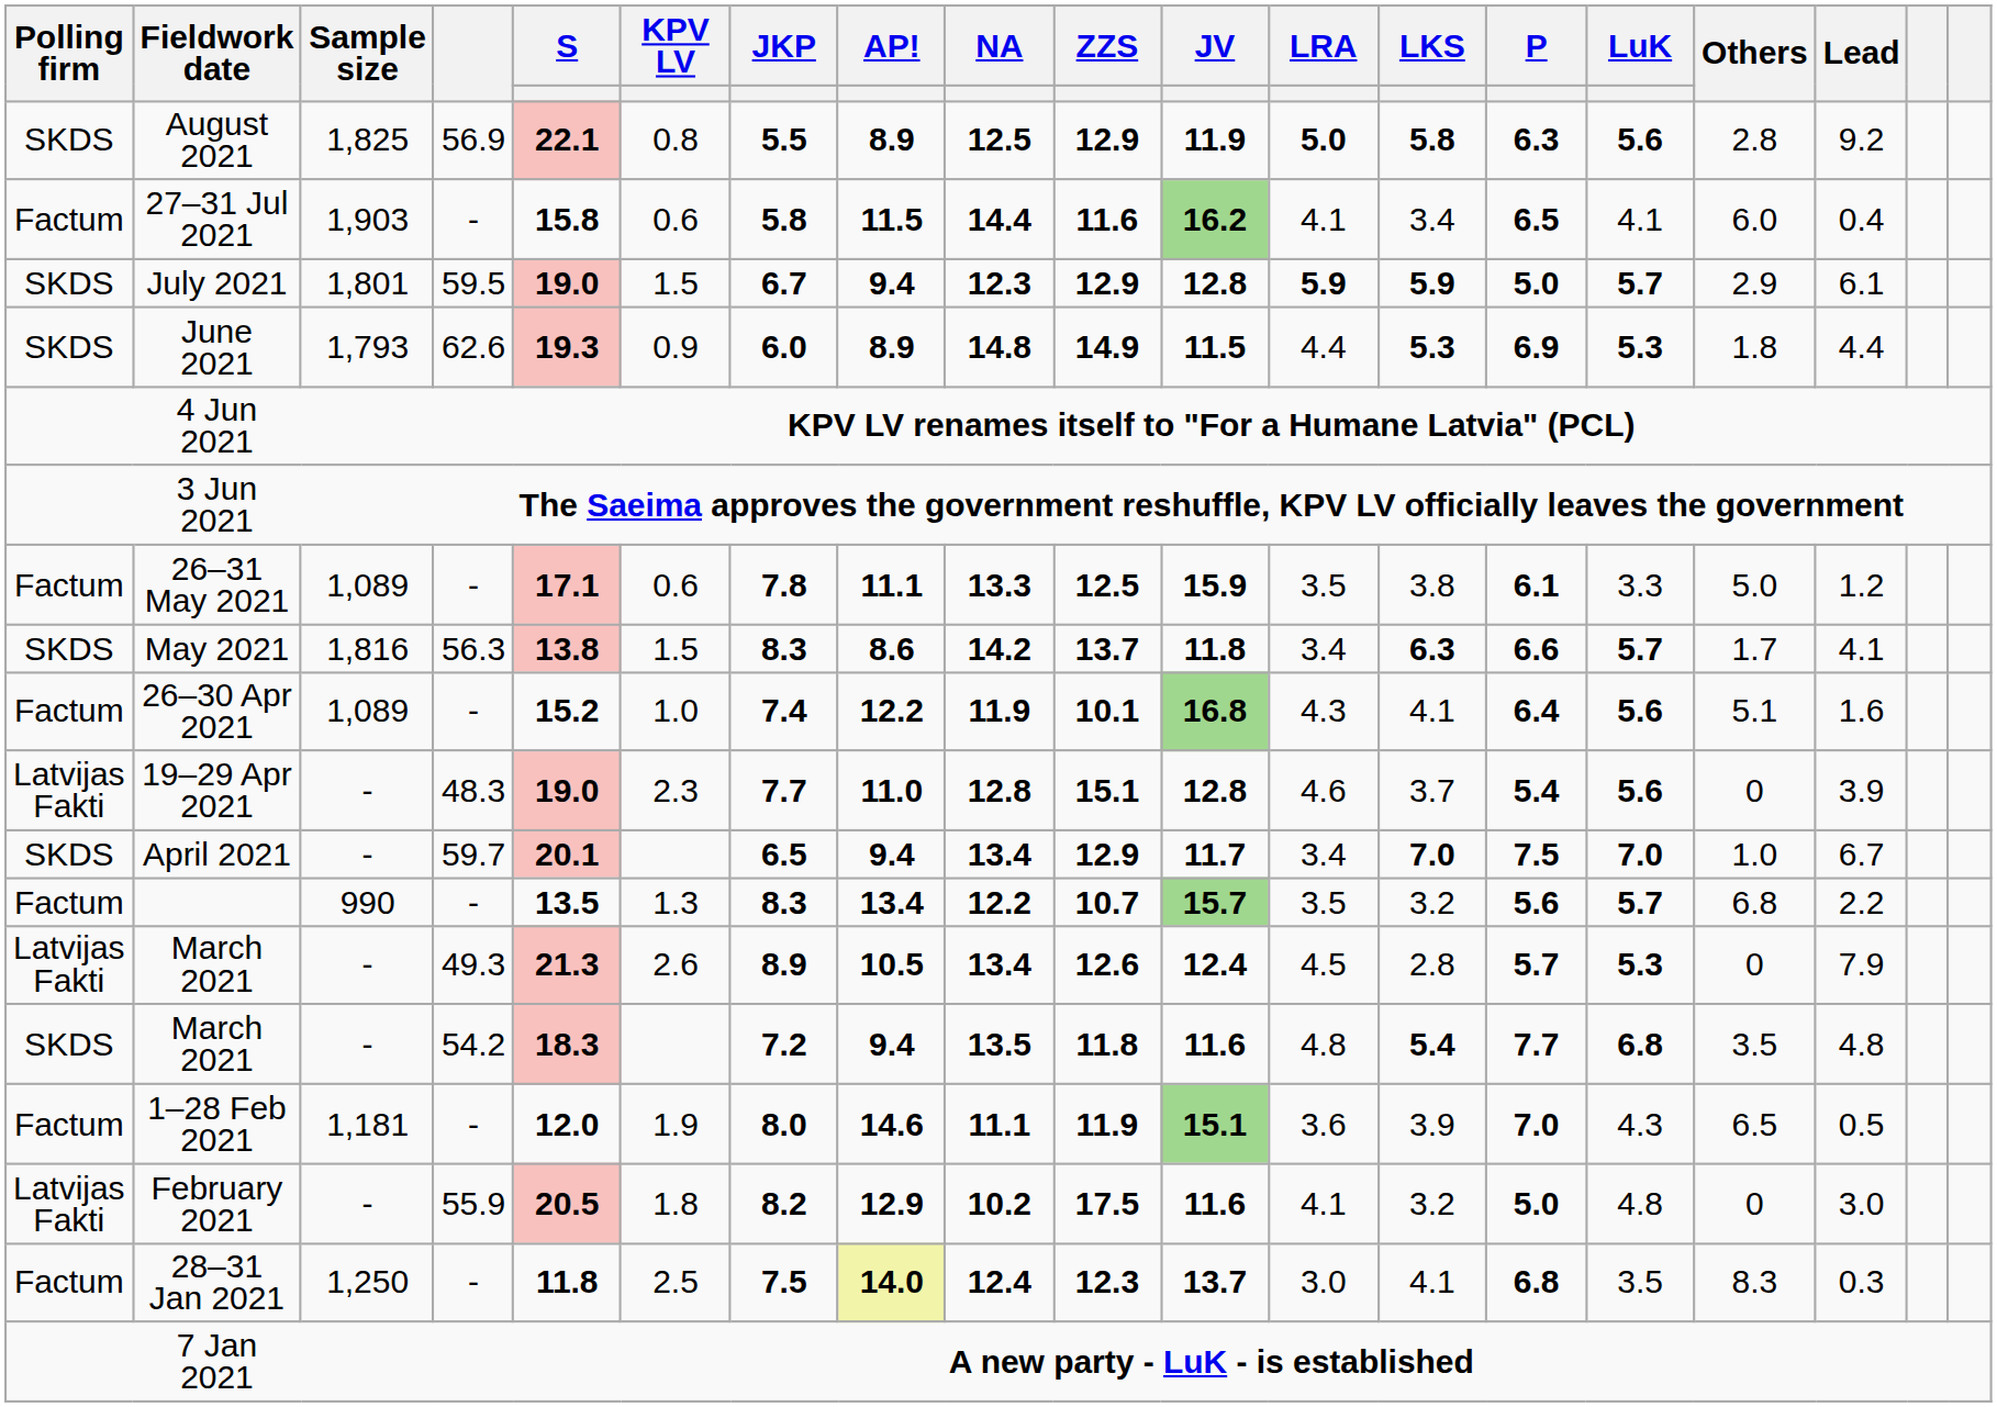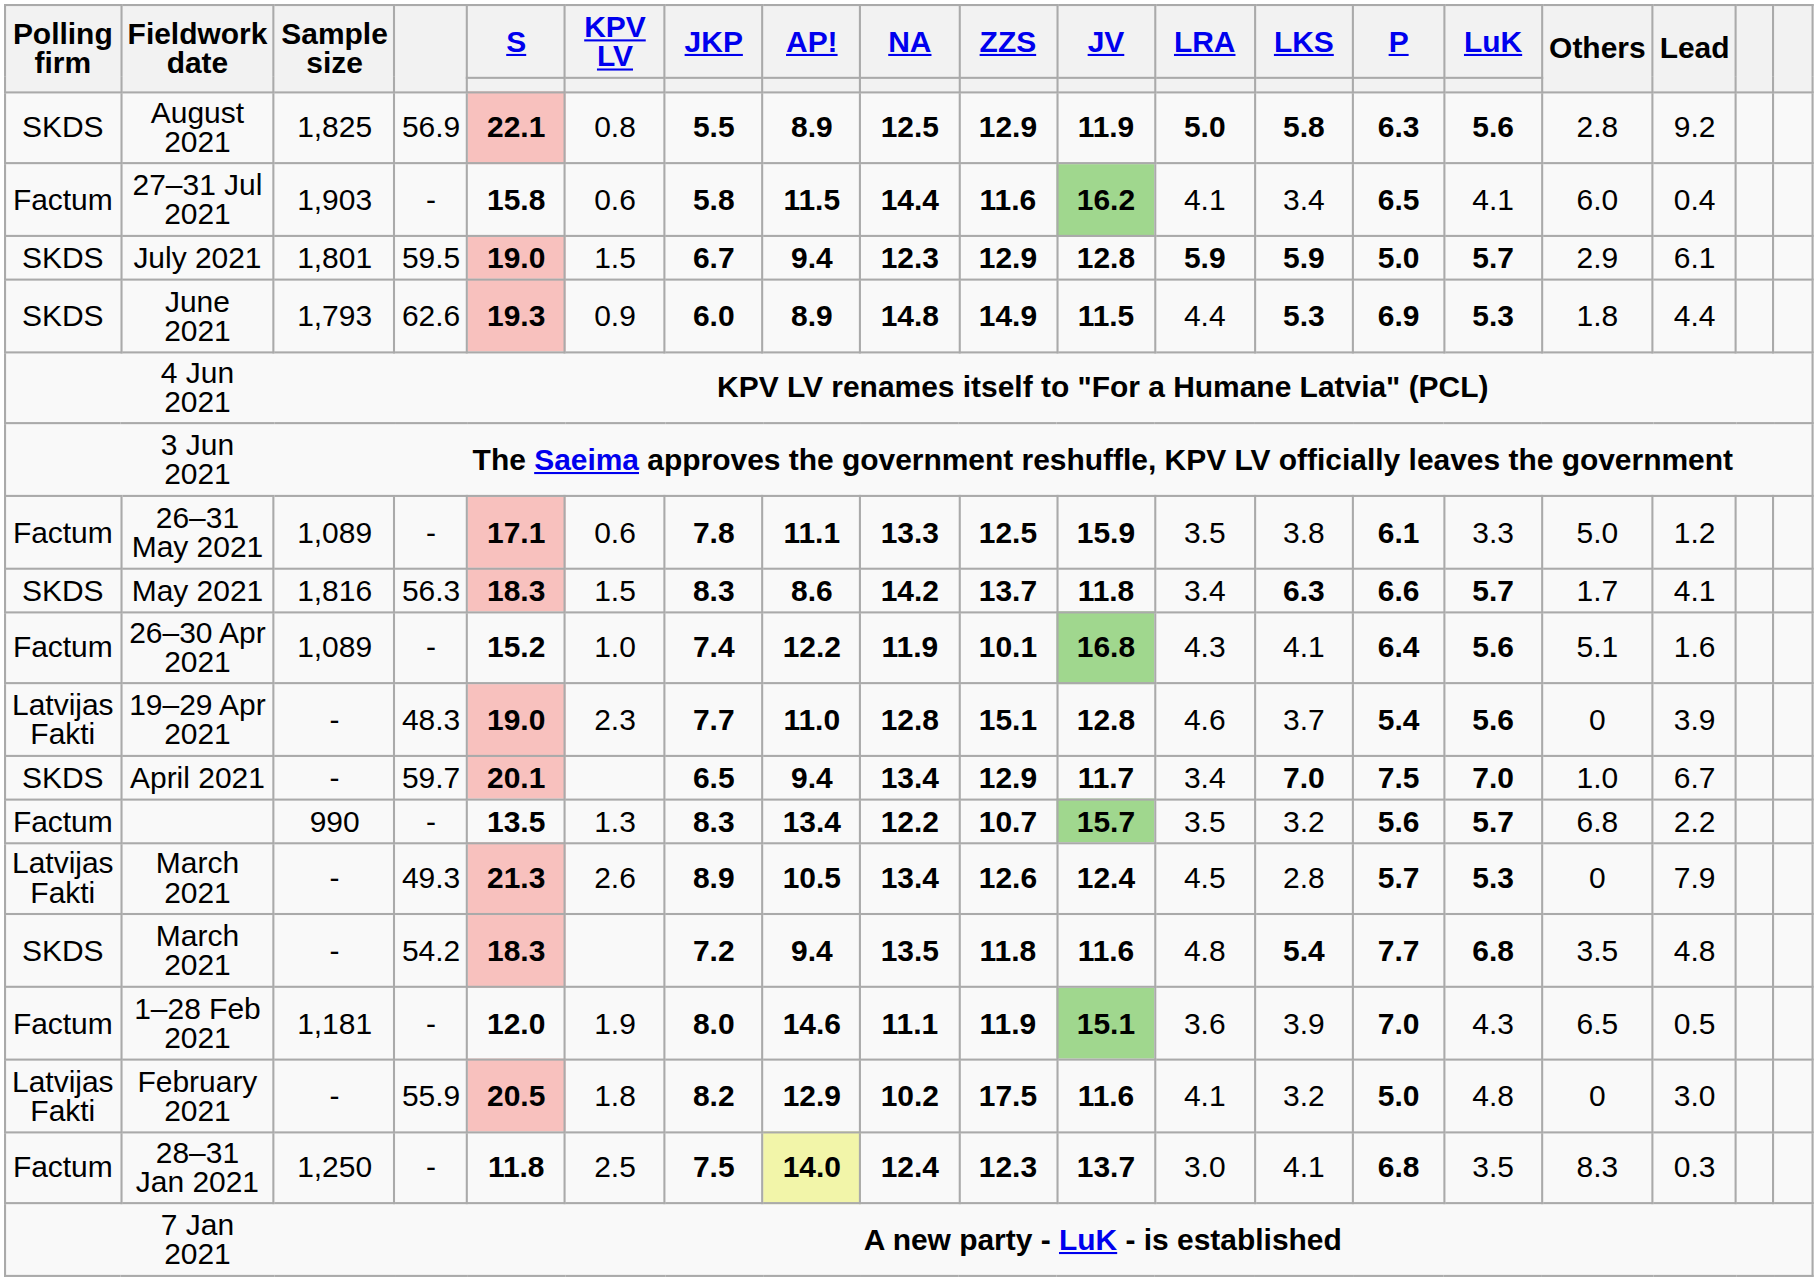 <table class="wikitable sortable mw-datatable" style="text-align:center;font-size:90%;line-height:14px;">
 <tr>
 <th rowspan="2">Polling firm</th>
 <th class="unsortable" rowspan="2">Fieldwork date</th>
 <th class="unsortable" rowspan="2">Sample<br>size</th>
 <th class="unsortable" rowspan="2"></th>
 <th class="unsortable" style="width:50px;"><a href='#'>S</a></th>
 <th class="unsortable" style="width:50px;"><a href='#'>KPV LV</a></th>
 <th class="unsortable" style="width:50px;"><a href='#'>JKP</a></th>
 <th class="unsortable" style="width:50px;"><a href='#'>AP!</a></th>
 <th class="unsortable" style="width:50px;"><a href='#'>NA</a></th>
 <th class="unsortable" style="width:50px;"><a href='#'>ZZS</a></th>
 <th class="unsortable" style="width:50px;"><a href='#'>JV</a></th>
 <th class="unsortable" style="width:50px;"><a href='#'>LRA</a></th>
 <th class="unsortable" style="width:50px;"><a href='#'>LKS</a></th>
 <th class="unsortable" style="width:50px;"><a href='#'>P</a></th>
 <th class="unsortable" style="width:50px;"><a href='#'>LuK</a></th>
 <th class="unsortable" style="width:30px;" rowspan="2">Others</th>
 <th class="unsortable" style="width:30px;" rowspan="2">Lead</th>
 <th class="unsortable" style="width:20px;" rowspan="2"></th>
 <th class="unsortable" style="width:20px;" rowspan="2"></th>
 </tr>
 <tr>
 <th data-sort-type="number" style="background:"></th>
 <th data-sort-type="number" style="background:"></th>
 <th data-sort-type="number" style="background:"></th>
 <th data-sort-type="number" style="background:"></th>
 <th data-sort-type="number" style="background:"></th>
 <th data-sort-type="number" style="background:"></th>
 <th data-sort-type="number" style="background:"></th>
 <th data-sort-type="number" style="background:"></th>
 <th data-sort-type="number" style="background:"></th>
 <th data-sort-type="number" style="background:"></th>
 <th data-sort-type="number" style="background:"></th>
 </tr>
 <tr>
 <td>SKDS</td>
 <td>August 2021</td>
 <td>1,825</td>
 <td>56.9</td>
 <td style="background:#F8C1BE"><strong>22.1</strong></td>
 <td>0.8</td>
 <td><strong>5.5</strong></td>
 <td><strong>8.9</strong></td>
 <td><strong>12.5</strong></td>
 <td><strong>12.9</strong></td>
 <td><strong>11.9</strong></td>
 <td><strong>5.0</strong></td>
 <td><strong>5.8</strong></td>
 <td><strong>6.3</strong></td>
 <td><strong>5.6</strong></td>
 <td>2.8</td>
 <td style="background:">9.2</td>
 <td></td>
 <td></td>
 </tr>
 <tr>
 <td>Factum</td>
 <td>27–31 Jul 2021</td>
 <td>1,903</td>
 <td>-</td>
 <td><strong>15.8</strong></td>
 <td>0.6</td>
 <td><strong>5.8</strong></td>
 <td><strong>11.5</strong></td>
 <td><strong>14.4</strong></td>
 <td><strong>11.6</strong></td>
 <td style="background:#A0D78E"><strong>16.2</strong></td>
 <td>4.1</td>
 <td>3.4</td>
 <td><strong>6.5</strong></td>
 <td>4.1</td>
 <td>6.0</td>
 <td style="background:">0.4</td>
 <td></td>
 <td></td>
 </tr>
 <tr>
 <td>SKDS</td>
 <td>July 2021</td>
 <td>1,801</td>
 <td>59.5</td>
 <td style="background:#F8C1BE"><strong>19.0</strong></td>
 <td>1.5</td>
 <td><strong>6.7</strong></td>
 <td><strong>9.4</strong></td>
 <td><strong>12.3</strong></td>
 <td><strong>12.9</strong></td>
 <td><strong>12.8</strong></td>
 <td><strong>5.9</strong></td>
 <td><strong>5.9</strong></td>
 <td><strong>5.0</strong></td>
 <td><strong>5.7</strong></td>
 <td>2.9</td>
 <td style="background:">6.1</td>
 <td></td>
 <td></td>
 </tr>
 <tr>
 <td>SKDS</td>
 <td>June 2021</td>
 <td>1,793</td>
 <td>62.6</td>
 <td style="background:#F8C1BE"><strong>19.3</strong></td>
 <td>0.9</td>
 <td><strong>6.0</strong></td>
 <td><strong>8.9</strong></td>
 <td><strong>14.8</strong></td>
 <td><strong>14.9</strong></td>
 <td><strong>11.5</strong></td>
 <td>4.4</td>
 <td><strong>5.3</strong></td>
 <td><strong>6.9</strong></td>
 <td><strong>5.3</strong></td>
 <td>1.8</td>
 <td style="background:">4.4</td>
 <td></td>
 <td></td>
 </tr>
 <tr>
 <td style="border-right-style:hidden;"></td>
 <td style="border-right-style:hidden;">4 Jun 2021</td>
 <td style="border-right-style:hidden;"></td>
 <td colspan="18"><strong>KPV LV renames itself to "For a Humane Latvia" (PCL)</strong></td>
 </tr>
 <tr>
 <td style="border-right-style:hidden;"></td>
 <td style="border-right-style:hidden;">3 Jun 2021</td>
 <td style="border-right-style:hidden;"></td>
 <td colspan="18"><strong>The <a href='#'>Saeima</a> approves the government reshuffle, KPV LV officially leaves the government</strong></td>
 </tr>
 <tr>
 <td>Factum</td>
 <td>26–31 May 2021</td>
 <td>1,089</td>
 <td>-</td>
 <td style="background:#F8C1BE"><strong>17.1</strong></td>
 <td>0.6</td>
 <td><strong>7.8</strong></td>
 <td><strong>11.1</strong></td>
 <td><strong>13.3</strong></td>
 <td><strong>12.5</strong></td>
 <td><strong>15.9</strong></td>
 <td>3.5</td>
 <td>3.8</td>
 <td><strong>6.1</strong></td>
 <td>3.3</td>
 <td>5.0</td>
 <td style="background:">1.2</td>
 <td></td>
 <td></td>
 </tr>
 <tr>
 <td>SKDS</td>
 <td>May 2021</td>
 <td>1,816</td>
 <td>56.3</td>
-<td style="background:#F8C1BE"><strong>13.8</strong></td>
+<td style="background:#F8C1BE"><strong>18.3</strong></td>
 <td>1.5</td>
 <td><strong>8.3</strong></td>
 <td><strong>8.6</strong></td>
 <td><strong>14.2</strong></td>
 <td><strong>13.7</strong></td>
 <td><strong>11.8</strong></td>
 <td>3.4</td>
 <td><strong>6.3</strong></td>
 <td><strong>6.6</strong></td>
 <td><strong>5.7</strong></td>
 <td>1.7</td>
 <td style="background:">4.1</td>
 <td></td>
 <td></td>
 </tr>
 <tr>
 <td>Factum</td>
 <td>26–30 Apr 2021</td>
 <td>1,089</td>
 <td>-</td>
 <td><strong>15.2</strong></td>
 <td>1.0</td>
 <td><strong>7.4</strong></td>
 <td><strong>12.2</strong></td>
 <td><strong>11.9</strong></td>
 <td><strong>10.1</strong></td>
 <td style="background:#A0D78E"><strong>16.8</strong></td>
 <td>4.3</td>
 <td>4.1</td>
 <td><strong>6.4</strong></td>
 <td><strong>5.6</strong></td>
 <td>5.1</td>
 <td style="background:">1.6</td>
 <td></td>
 <td></td>
 </tr>
 <tr>
 <td>Latvijas Fakti</td>
 <td>19–29 Apr 2021</td>
 <td>-</td>
 <td>48.3</td>
 <td style="background:#F8C1BE"><strong>19.0</strong></td>
 <td>2.3</td>
 <td><strong>7.7</strong></td>
 <td><strong>11.0</strong></td>
 <td><strong>12.8</strong></td>
 <td><strong>15.1</strong></td>
 <td><strong>12.8</strong></td>
 <td>4.6</td>
 <td>3.7</td>
 <td><strong>5.4</strong></td>
 <td><strong>5.6</strong></td>
 <td>0</td>
 <td style="background:">3.9</td>
 <td></td>
 <td></td>
 </tr>
 <tr>
 <td>SKDS</td>
 <td>April 2021</td>
 <td>-</td>
 <td>59.7</td>
 <td style="background:#F8C1BE"><strong>20.1</strong></td>
 <td></td>
 <td><strong>6.5</strong></td>
 <td><strong>9.4</strong></td>
 <td><strong>13.4</strong></td>
 <td><strong>12.9</strong></td>
 <td><strong>11.7</strong></td>
 <td>3.4</td>
 <td><strong>7.0</strong></td>
 <td><strong>7.5</strong></td>
 <td><strong>7.0</strong></td>
 <td>1.0</td>
 <td style="background:">6.7</td>
 <td></td>
 <td></td>
 </tr>
 <tr>
 <td>Factum</td>
 <td></td>
 <td>990</td>
 <td>-</td>
 <td><strong>13.5</strong></td>
 <td>1.3</td>
 <td><strong>8.3</strong></td>
 <td><strong>13.4</strong></td>
 <td><strong>12.2</strong></td>
 <td><strong>10.7</strong></td>
 <td style="background:#A0D78E"><strong>15.7</strong></td>
 <td>3.5</td>
 <td>3.2</td>
 <td><strong>5.6</strong></td>
 <td><strong>5.7</strong></td>
 <td>6.8</td>
 <td style="background:">2.2</td>
 <td></td>
 <td></td>
 </tr>
 <tr>
 <td>Latvijas Fakti</td>
 <td>March 2021</td>
 <td>-</td>
 <td>49.3</td>
 <td style="background:#F8C1BE"><strong>21.3</strong></td>
 <td>2.6</td>
 <td><strong>8.9</strong></td>
 <td><strong>10.5</strong></td>
 <td><strong>13.4</strong></td>
 <td><strong>12.6</strong></td>
 <td><strong>12.4</strong></td>
 <td>4.5</td>
 <td>2.8</td>
 <td><strong>5.7</strong></td>
 <td><strong>5.3</strong></td>
 <td>0</td>
 <td style="background:">7.9</td>
 <td></td>
 <td></td>
 </tr>
 <tr>
 <td>SKDS</td>
 <td>March 2021</td>
 <td>-</td>
 <td>54.2</td>
 <td style="background:#F8C1BE"><strong>18.3</strong></td>
 <td></td>
 <td><strong>7.2</strong></td>
 <td><strong>9.4</strong></td>
 <td><strong>13.5</strong></td>
 <td><strong>11.8</strong></td>
 <td><strong>11.6</strong></td>
 <td>4.8</td>
 <td><strong>5.4</strong></td>
 <td><strong>7.7</strong></td>
 <td><strong>6.8</strong></td>
 <td>3.5</td>
 <td style="background:">4.8</td>
 <td></td>
 <td></td>
 </tr>
 <tr>
 <td>Factum</td>
 <td>1–28 Feb 2021</td>
 <td>1,181</td>
 <td>-</td>
 <td><strong>12.0</strong></td>
 <td>1.9</td>
 <td><strong>8.0</strong></td>
 <td><strong>14.6</strong></td>
 <td><strong>11.1</strong></td>
 <td><strong>11.9</strong></td>
 <td style="background:#A0D78E"><strong>15.1</strong></td>
 <td>3.6</td>
 <td>3.9</td>
 <td><strong>7.0</strong></td>
 <td>4.3</td>
 <td>6.5</td>
 <td style="background:">0.5</td>
 <td></td>
 <td></td>
 </tr>
 <tr>
 <td>Latvijas Fakti</td>
 <td>February 2021</td>
 <td>-</td>
 <td>55.9</td>
 <td style="background:#F8C1BE"><strong>20.5</strong></td>
 <td>1.8</td>
 <td><strong>8.2</strong></td>
 <td><strong>12.9</strong></td>
 <td><strong>10.2</strong></td>
 <td><strong>17.5</strong></td>
 <td><strong>11.6</strong></td>
 <td>4.1</td>
 <td>3.2</td>
 <td><strong>5.0</strong></td>
 <td>4.8</td>
 <td>0</td>
 <td style="background:">3.0</td>
 <td></td>
 <td></td>
 </tr>
 <tr>
 <td>Factum</td>
 <td>28–31 Jan 2021</td>
 <td>1,250</td>
 <td>-</td>
 <td><strong>11.8</strong></td>
 <td>2.5</td>
 <td><strong>7.5</strong></td>
 <td style="background:#F2F5A9"><strong>14.0</strong></td>
 <td><strong>12.4</strong></td>
 <td><strong>12.3</strong></td>
 <td><strong>13.7</strong></td>
 <td>3.0</td>
 <td>4.1</td>
 <td><strong>6.8</strong></td>
 <td>3.5</td>
 <td>8.3</td>
 <td style="background:">0.3</td>
 <td></td>
 <td></td>
 </tr>
 <tr>
 <td style="border-right-style:hidden;"></td>
 <td style="border-right-style:hidden;">7 Jan 2021</td>
 <td style="border-right-style:hidden;"></td>
 <td colspan="18"><strong>A new party - <a href='#'>LuK</a> - is established</strong></td>
 </tr>
 </table>
